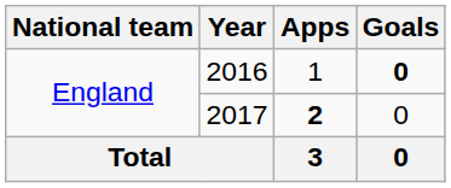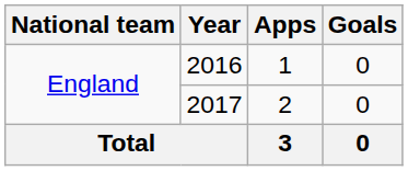 <table class=wikitable style=text-align:center>
 <tr>
 <th>National team</th>
 <th>Year</th>
 <th>Apps</th>
 <th>Goals</th>
 </tr>
 <tr>
 <td rowspan=2><a href='#'>England</a></td>
 <td>2016</td>
 <td>1</td>
-<td><strong>0</strong></td>
+<td>0</td>
 </tr>
 <tr>
 <td>2017</td>
-<td><strong>2</strong></td>
+<td>2</td>
 <td>0</td>
 </tr>
 <tr>
 <th colspan=2>Total</th>
 <th>3</th>
 <th>0</th>
 </tr>
 </table>
